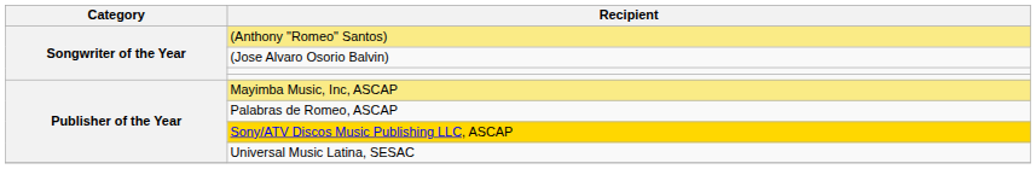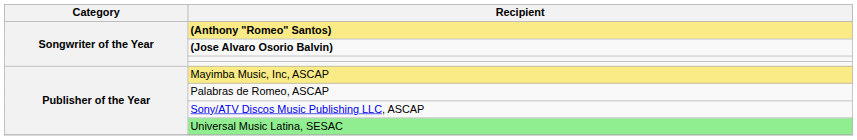 <table class="wikitable sortable">
 <tr style="background:#bebebe;">
 <th scope="col" style="width:1%;">Category</th>
 <th scope="col" style="width:5%;">Recipient</th>
 </tr>
 <tr>
 <th scope="row" rowspan=4 style="text-align:center">Songwriter of the Year</th>
-<td style="background:#FAEB86"> (Anthony "Romeo" Santos)</td>
+<td style="background:#FAEB86"><strong> (Anthony "Romeo" Santos)</strong></td>
 </tr>
 <tr>
-<td> (Jose Alvaro Osorio Balvin)</td>
+<td><strong> (Jose Alvaro Osorio Balvin)</strong></td>
 </tr>
 <tr>
 <td></td>
 </tr>
 <tr>
 <td></td>
 </tr>
 <tr>
 <th scope="row" rowspan=4 style="text-align:center">Publisher of the Year</th>
 <td style="background:#FAEB86">Mayimba Music, Inc, ASCAP</td>
 </tr>
 <tr>
 <td>Palabras de Romeo, ASCAP</td>
 </tr>
 <tr>
-<td style="background: gold;"><a href='#'>Sony/ATV Discos Music Publishing LLC</a>, ASCAP</td>
+<td><a href='#'>Sony/ATV Discos Music Publishing LLC</a>, ASCAP</td>
 </tr>
 <tr>
-<td>Universal Music Latina, SESAC</td>
+<td style="background: lightgreen;">Universal Music Latina, SESAC</td>
 </tr>
 <tr>
 </tr>
 </table>
